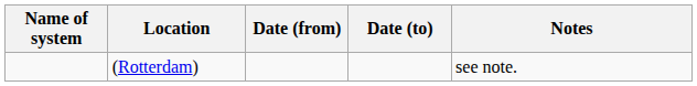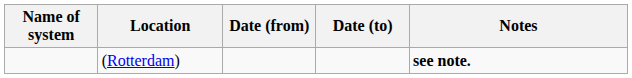 <table class="wikitable" width=100%>
 <tr>
 <th width=15%>Name of system</th>
 <th width=20%>Location</th>
 <th width=15%>Date (from)</th>
 <th width=15%>Date (to)</th>
 <th width=35%>Notes</th>
 </tr>
 <tr>
 <td> </td>
 <td>(<a href='#'>Rotterdam</a>)</td>
 <td> </td>
 <td> </td>
-<td>see note.</td>
+<td><strong>see note.</strong></td>
 </tr>
 <tr>
 </tr>
 </table>
